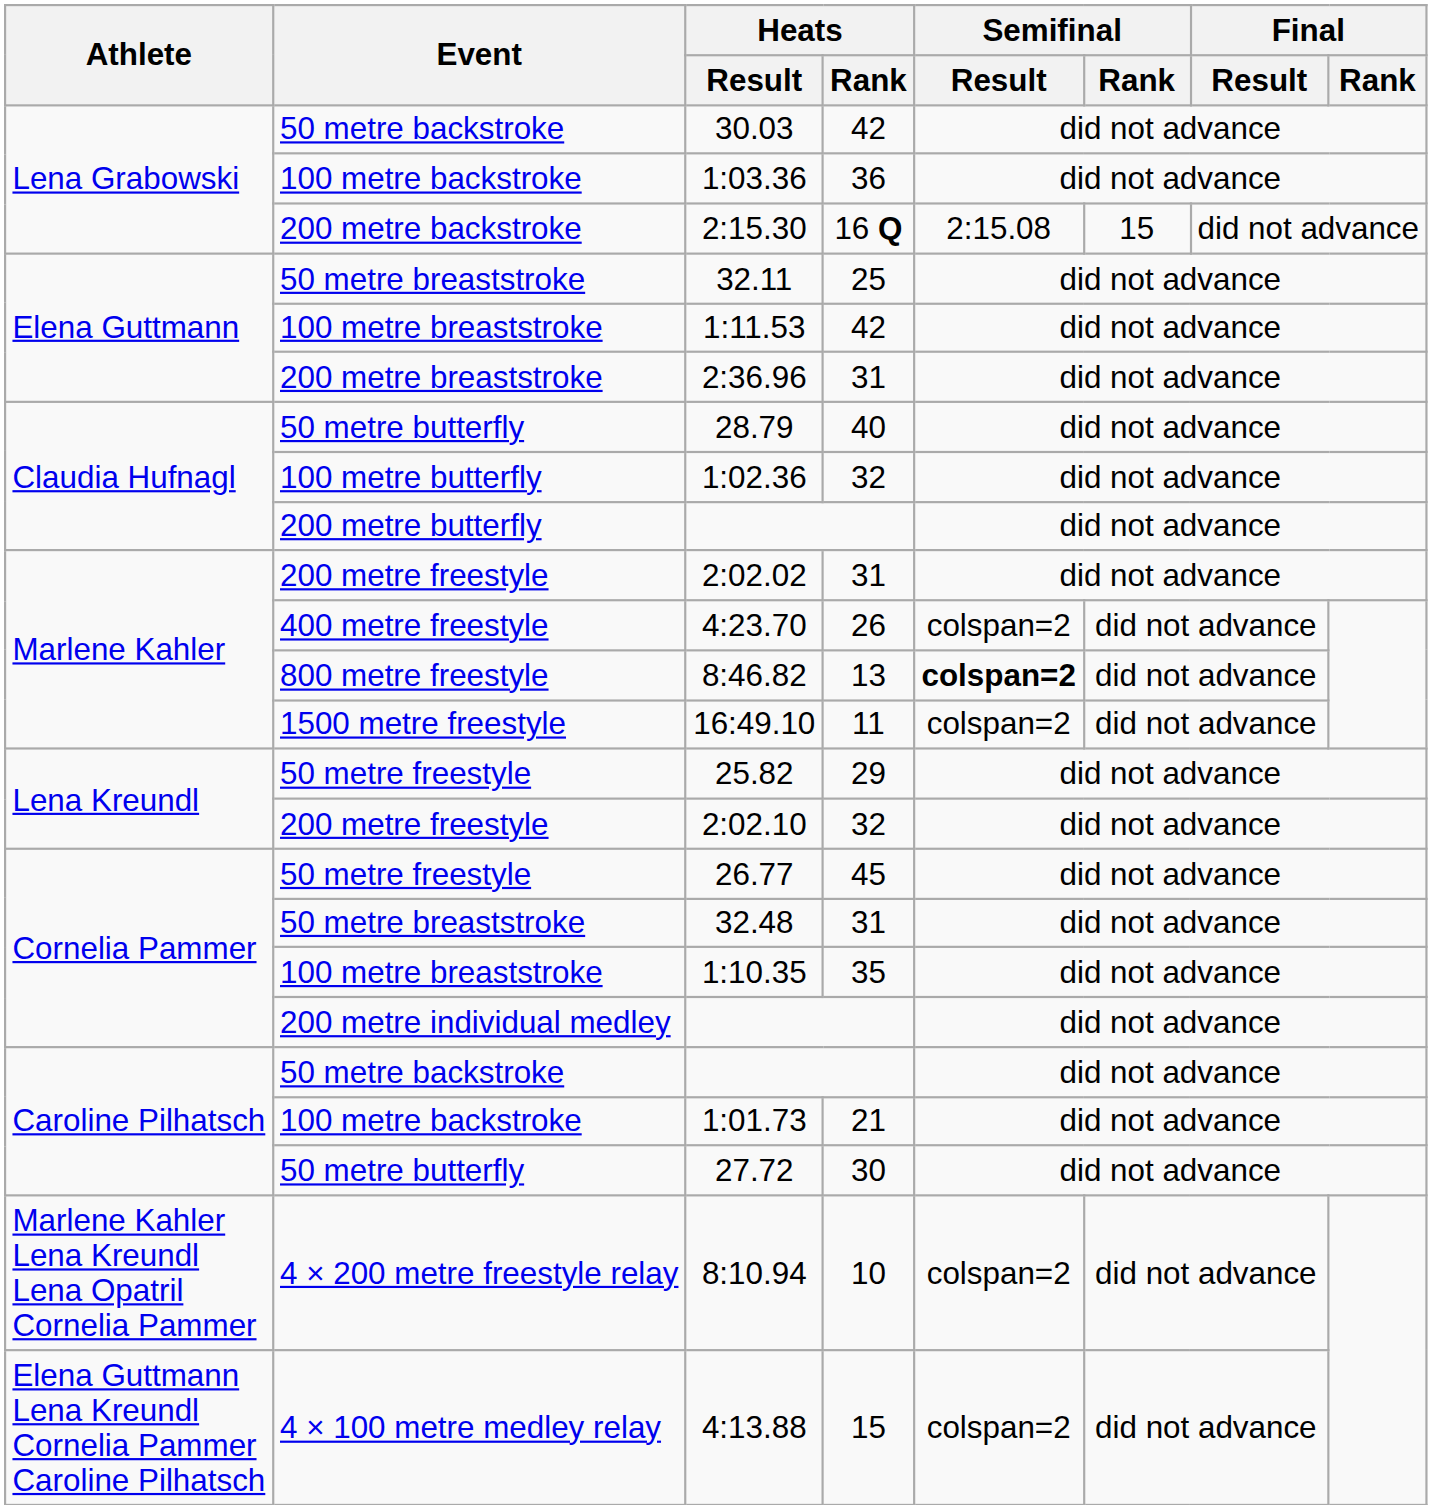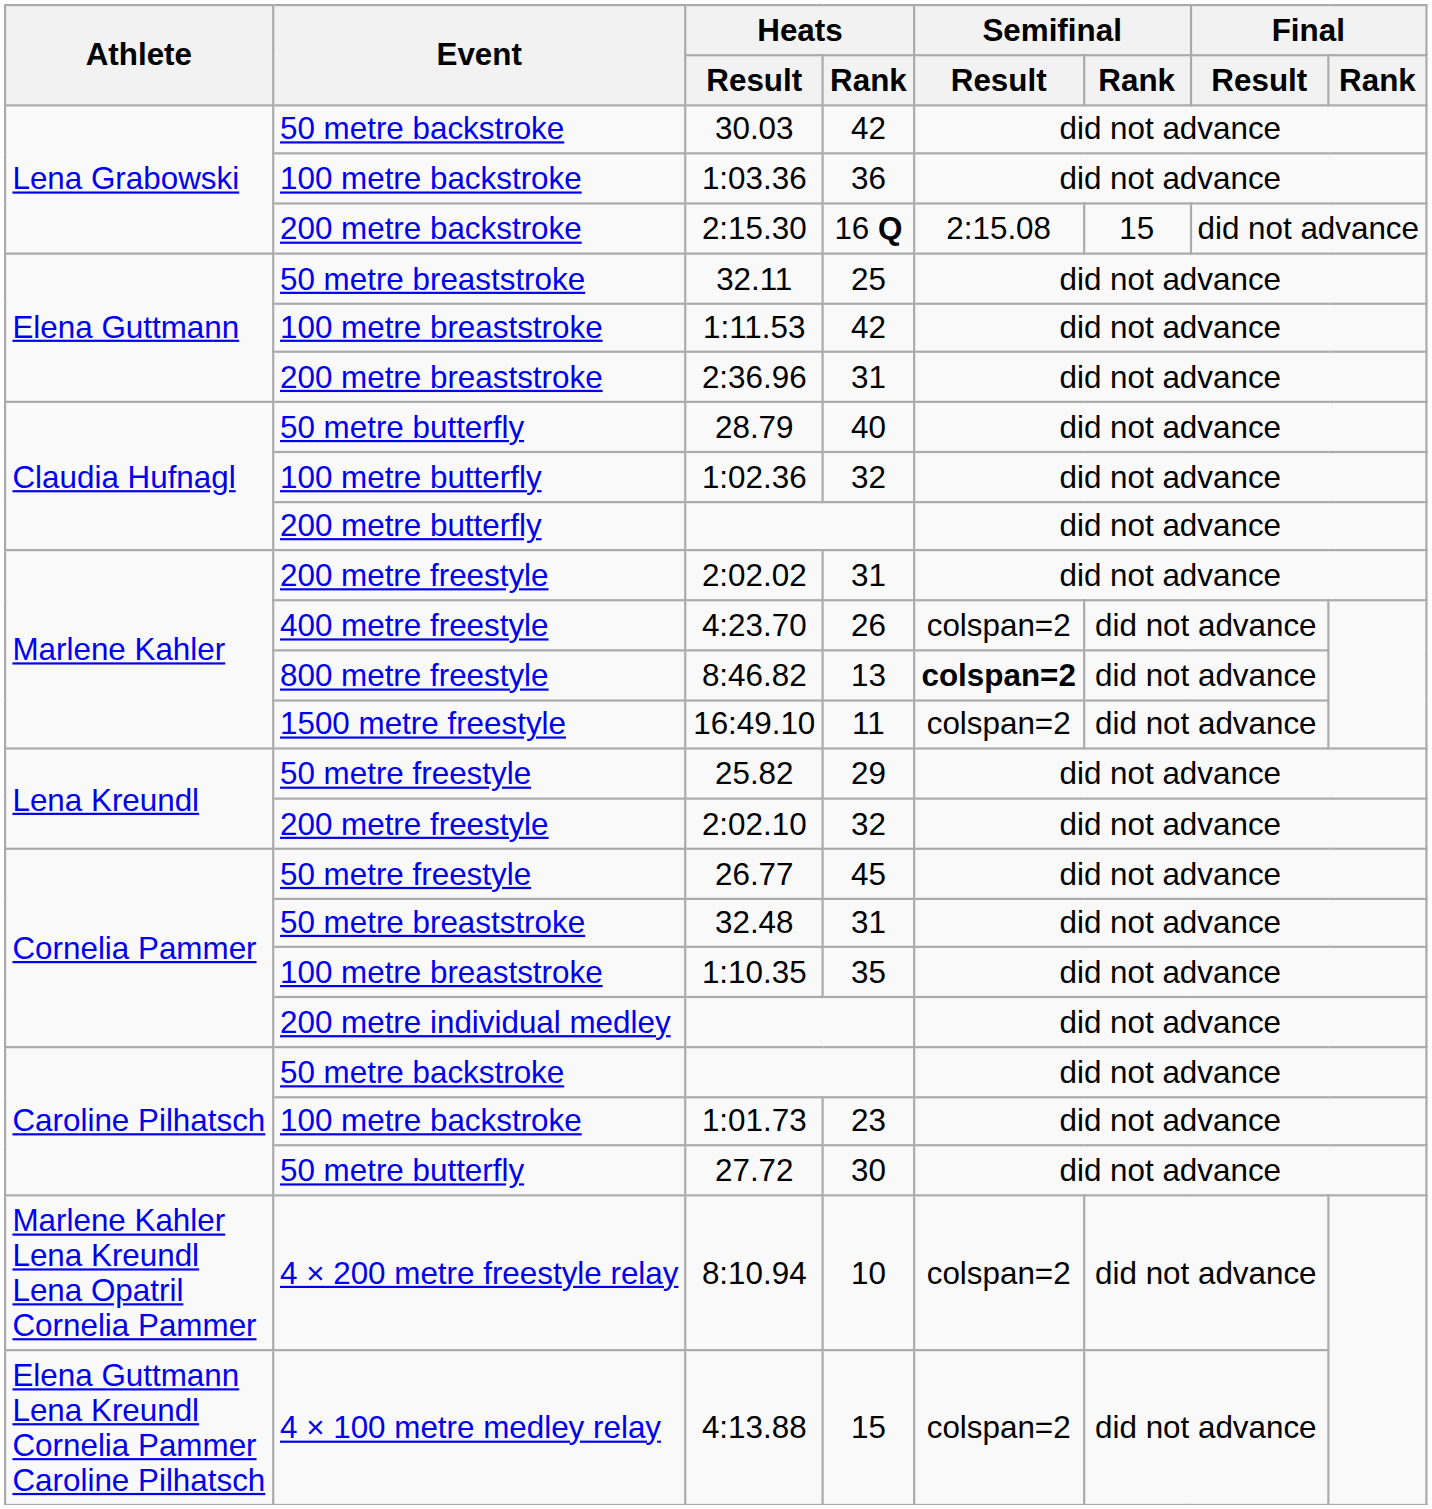 <table class="wikitable" border="1" style="font-size:90%; text-align:center">
 <tr>
 <th rowspan="2">Athlete</th>
 <th rowspan="2">Event</th>
 <th colspan="2">Heats</th>
 <th colspan="2">Semifinal</th>
 <th colspan="2">Final</th>
 </tr>
 <tr>
 <th>Result</th>
 <th>Rank</th>
 <th>Result</th>
 <th>Rank</th>
 <th>Result</th>
 <th>Rank</th>
 </tr>
 <tr>
 <td rowspan="3" align="left"><a href='#'>Lena Grabowski</a></td>
 <td align="left"><a href='#'>50 metre backstroke</a></td>
 <td>30.03</td>
 <td>42</td>
 <td colspan=4>did not advance</td>
 </tr>
 <tr>
 <td align="left"><a href='#'>100 metre backstroke</a></td>
 <td>1:03.36</td>
 <td>36</td>
 <td colspan=4>did not advance</td>
 </tr>
 <tr>
 <td align="left"><a href='#'>200 metre backstroke</a></td>
 <td>2:15.30</td>
 <td>16 <strong>Q</strong></td>
 <td>2:15.08</td>
 <td>15</td>
 <td colspan=2>did not advance</td>
 </tr>
 <tr>
 <td rowspan="3" align="left"><a href='#'>Elena Guttmann</a></td>
 <td align="left"><a href='#'>50 metre breaststroke</a></td>
 <td>32.11</td>
 <td>25</td>
 <td colspan=4>did not advance</td>
 </tr>
 <tr>
 <td align="left"><a href='#'>100 metre breaststroke</a></td>
 <td>1:11.53</td>
 <td>42</td>
 <td colspan=4>did not advance</td>
 </tr>
 <tr>
 <td align="left"><a href='#'>200 metre breaststroke</a></td>
 <td>2:36.96</td>
 <td>31</td>
 <td colspan=4>did not advance</td>
 </tr>
 <tr>
 <td rowspan="3" align="left"><a href='#'>Claudia Hufnagl</a></td>
 <td align="left"><a href='#'>50 metre butterfly</a></td>
 <td>28.79</td>
 <td>40</td>
 <td colspan=4>did not advance</td>
 </tr>
 <tr>
 <td align="left"><a href='#'>100 metre butterfly</a></td>
 <td>1:02.36</td>
 <td>32</td>
 <td colspan=4>did not advance</td>
 </tr>
 <tr>
 <td align="left"><a href='#'>200 metre butterfly</a></td>
 <td colspan=2></td>
 <td colspan=4>did not advance</td>
 </tr>
 <tr>
 <td rowspan="4" align="left"><a href='#'>Marlene Kahler</a></td>
 <td align="left"><a href='#'>200 metre freestyle</a></td>
 <td>2:02.02</td>
 <td>31</td>
 <td colspan=4>did not advance</td>
 </tr>
 <tr>
 <td align="left"><a href='#'>400 metre freestyle</a></td>
 <td>4:23.70</td>
 <td>26</td>
 <td>colspan=2</td>
 <td colspan=2>did not advance</td>
 </tr>
 <tr>
 <td align="left"><a href='#'>800 metre freestyle</a></td>
 <td>8:46.82</td>
 <td>13</td>
 <td><strong>colspan=2</strong></td>
 <td colspan=2>did not advance</td>
 </tr>
 <tr>
 <td align="left"><a href='#'>1500 metre freestyle</a></td>
 <td>16:49.10</td>
 <td>11</td>
 <td>colspan=2</td>
 <td colspan=2>did not advance</td>
 </tr>
 <tr>
 <td rowspan="2" align="left"><a href='#'>Lena Kreundl</a></td>
 <td align="left"><a href='#'>50 metre freestyle</a></td>
 <td>25.82</td>
 <td>29</td>
 <td colspan=4>did not advance</td>
 </tr>
 <tr>
 <td align="left"><a href='#'>200 metre freestyle</a></td>
 <td>2:02.10</td>
 <td>32</td>
 <td colspan=4>did not advance</td>
 </tr>
 <tr>
 <td rowspan="4" align="left"><a href='#'>Cornelia Pammer</a></td>
 <td align="left"><a href='#'>50 metre freestyle</a></td>
 <td>26.77</td>
 <td>45</td>
 <td colspan=4>did not advance</td>
 </tr>
 <tr>
 <td align="left"><a href='#'>50 metre breaststroke</a></td>
 <td>32.48</td>
 <td>31</td>
 <td colspan=4>did not advance</td>
 </tr>
 <tr>
 <td align="left"><a href='#'>100 metre breaststroke</a></td>
 <td>1:10.35</td>
 <td>35</td>
 <td colspan=4>did not advance</td>
 </tr>
 <tr>
 <td align="left"><a href='#'>200 metre individual medley</a></td>
 <td colspan=2></td>
 <td colspan=4>did not advance</td>
 </tr>
 <tr>
 <td rowspan="3" align="left"><a href='#'>Caroline Pilhatsch</a></td>
 <td align="left"><a href='#'>50 metre backstroke</a></td>
 <td colspan=2></td>
 <td colspan=4>did not advance</td>
 </tr>
 <tr>
 <td align="left"><a href='#'>100 metre backstroke</a></td>
 <td>1:01.73</td>
-<td>21</td>
+<td>23</td>
 <td colspan=4>did not advance</td>
 </tr>
 <tr>
 <td align="left"><a href='#'>50 metre butterfly</a></td>
 <td>27.72</td>
 <td>30</td>
 <td colspan=4>did not advance</td>
 </tr>
 <tr>
 <td align="left"><a href='#'>Marlene Kahler</a><br><a href='#'>Lena Kreundl</a><br><a href='#'>Lena Opatril</a><br><a href='#'>Cornelia Pammer</a></td>
 <td align="left"><a href='#'>4 × 200 metre freestyle relay</a></td>
 <td>8:10.94</td>
 <td>10</td>
 <td>colspan=2</td>
 <td colspan=2>did not advance</td>
 </tr>
 <tr>
 <td align="left"><a href='#'>Elena Guttmann</a><br><a href='#'>Lena Kreundl</a><br><a href='#'>Cornelia Pammer</a><br><a href='#'>Caroline Pilhatsch</a></td>
 <td align="left"><a href='#'>4 × 100 metre medley relay</a></td>
 <td>4:13.88</td>
 <td>15</td>
 <td>colspan=2</td>
 <td colspan=2>did not advance</td>
 </tr>
 </table>
